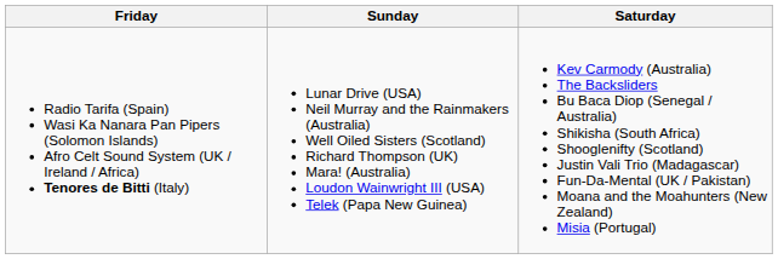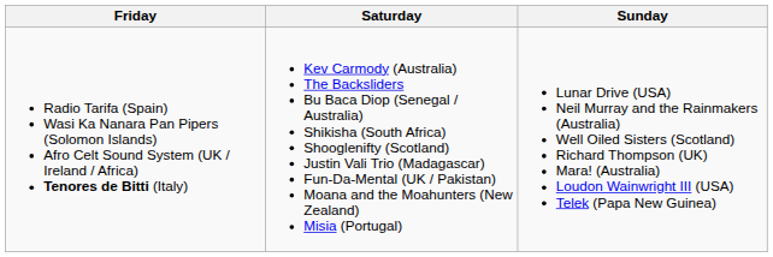 <table class="wikitable">
 <tr>
 <th>Friday</th>
+<th>Saturday</th>
 <th>Sunday</th>
-<th>Saturday</th>
 </tr>
 <tr>
 <td><br><ul><li>Radio Tarifa (Spain)</li><li>Wasi Ka Nanara Pan Pipers (Solomon Islands)</li><li>Afro Celt Sound System (UK / Ireland / Africa)</li><li><strong>Tenores de Bitti</strong> (Italy)</li></ul></td>
+<td><br><ul><li><a href='#'>Kev Carmody</a> (Australia)</li><li><a href='#'>The Backsliders</a></li><li>Bu Baca Diop (Senegal / Australia)</li><li>Shikisha (South Africa)</li><li>Shooglenifty (Scotland)</li><li>Justin Vali Trio (Madagascar)</li><li>Fun-Da-Mental (UK / Pakistan)</li><li>Moana and the Moahunters (New Zealand)</li><li><a href='#'>Misia</a> (Portugal)</li></ul></td>
 <td><br><ul><li>Lunar Drive (USA)</li><li>Neil Murray and the Rainmakers (Australia)</li><li>Well Oiled Sisters (Scotland)</li><li>Richard Thompson (UK)</li><li>Mara! (Australia)</li><li><a href='#'>Loudon Wainwright III</a> (USA)</li><li><a href='#'>Telek</a> (Papa New Guinea)</li></ul></td>
-<td><br><ul><li><a href='#'>Kev Carmody</a> (Australia)</li><li><a href='#'>The Backsliders</a></li><li>Bu Baca Diop (Senegal / Australia)</li><li>Shikisha (South Africa)</li><li>Shooglenifty (Scotland)</li><li>Justin Vali Trio (Madagascar)</li><li>Fun-Da-Mental (UK / Pakistan)</li><li>Moana and the Moahunters (New Zealand)</li><li><a href='#'>Misia</a> (Portugal)</li></ul></td>
 </tr>
 </table>
